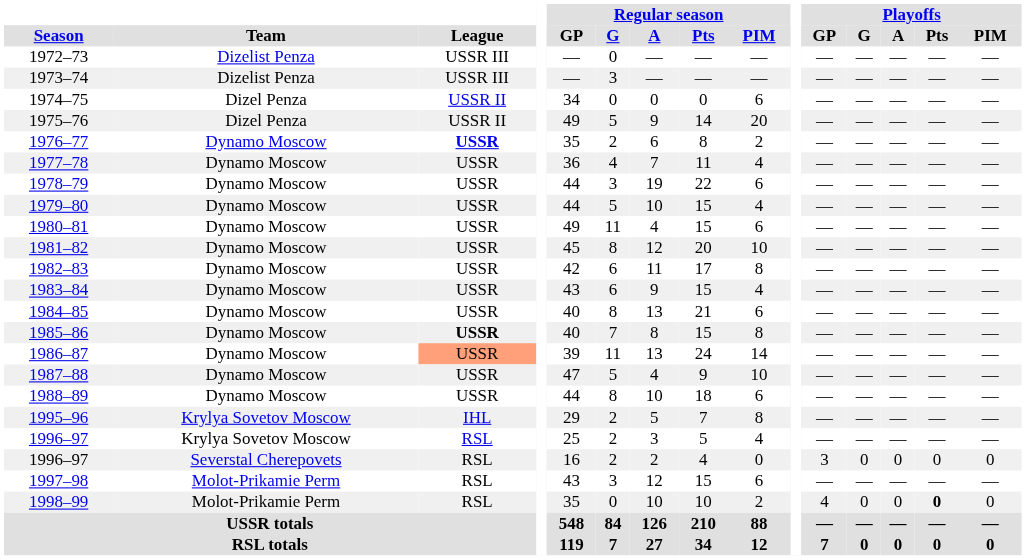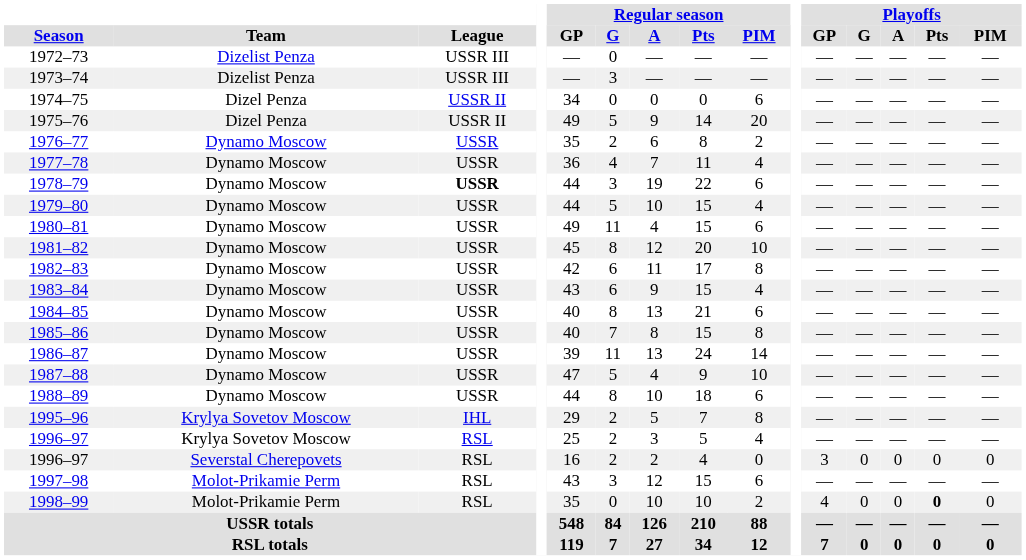 <table border="0" cellpadding="1" cellspacing="0" style="text-align:center; width:60em;">
 <tr style="background:#e0e0e0;">
 <th colspan="3"  bgcolor="#ffffff"> </th>
 <th rowspan="99" bgcolor="#ffffff"> </th>
 <th colspan="5"><a href='#'>Regular season</a></th>
 <th rowspan="99" bgcolor="#ffffff"> </th>
 <th colspan="5"><a href='#'>Playoffs</a></th>
 </tr>
 <tr style="background:#e0e0e0;">
 <th><a href='#'>Season</a></th>
 <th>Team</th>
 <th>League</th>
 <th>GP</th>
 <th><a href='#'>G</a></th>
 <th><a href='#'>A</a></th>
 <th><a href='#'>Pts</a></th>
 <th><a href='#'>PIM</a></th>
 <th>GP</th>
 <th>G</th>
 <th>A</th>
 <th>Pts</th>
 <th>PIM</th>
 </tr>
 <tr>
 <td>1972–73</td>
 <td><a href='#'>Dizelist Penza</a></td>
 <td>USSR III</td>
 <td>—</td>
 <td>0</td>
 <td>—</td>
 <td>—</td>
 <td>—</td>
 <td>—</td>
 <td>—</td>
 <td>—</td>
 <td>—</td>
 <td>—</td>
 </tr>
 <tr bgcolor="#f0f0f0">
 <td>1973–74</td>
 <td>Dizelist Penza</td>
 <td>USSR III</td>
 <td>—</td>
 <td>3</td>
 <td>—</td>
 <td>—</td>
 <td>—</td>
 <td>—</td>
 <td>—</td>
 <td>—</td>
 <td>—</td>
 <td>—</td>
 </tr>
 <tr>
 <td>1974–75</td>
 <td>Dizel Penza</td>
 <td><a href='#'>USSR II</a></td>
 <td>34</td>
 <td>0</td>
 <td>0</td>
 <td>0</td>
 <td>6</td>
 <td>—</td>
 <td>—</td>
 <td>—</td>
 <td>—</td>
 <td>—</td>
 </tr>
 <tr bgcolor="#f0f0f0">
 <td>1975–76</td>
 <td>Dizel Penza</td>
 <td>USSR II</td>
 <td>49</td>
 <td>5</td>
 <td>9</td>
 <td>14</td>
 <td>20</td>
 <td>—</td>
 <td>—</td>
 <td>—</td>
 <td>—</td>
 <td>—</td>
 </tr>
 <tr>
 <td><a href='#'>1976–77</a></td>
 <td><a href='#'>Dynamo Moscow</a></td>
-<td><strong><a href='#'>USSR</a></strong></td>
+<td><a href='#'>USSR</a></td>
 <td>35</td>
 <td>2</td>
 <td>6</td>
 <td>8</td>
 <td>2</td>
 <td>—</td>
 <td>—</td>
 <td>—</td>
 <td>—</td>
 <td>—</td>
 </tr>
 <tr bgcolor="#f0f0f0">
 <td><a href='#'>1977–78</a></td>
 <td>Dynamo Moscow</td>
 <td>USSR</td>
 <td>36</td>
 <td>4</td>
 <td>7</td>
 <td>11</td>
 <td>4</td>
 <td>—</td>
 <td>—</td>
 <td>—</td>
 <td>—</td>
 <td>—</td>
 </tr>
 <tr>
 <td><a href='#'>1978–79</a></td>
 <td>Dynamo Moscow</td>
-<td>USSR</td>
+<td><strong>USSR</strong></td>
 <td>44</td>
 <td>3</td>
 <td>19</td>
 <td>22</td>
 <td>6</td>
 <td>—</td>
 <td>—</td>
 <td>—</td>
 <td>—</td>
 <td>—</td>
 </tr>
 <tr bgcolor="#f0f0f0">
 <td><a href='#'>1979–80</a></td>
 <td>Dynamo Moscow</td>
 <td>USSR</td>
 <td>44</td>
 <td>5</td>
 <td>10</td>
 <td>15</td>
 <td>4</td>
 <td>—</td>
 <td>—</td>
 <td>—</td>
 <td>—</td>
 <td>—</td>
 </tr>
 <tr>
 <td><a href='#'>1980–81</a></td>
 <td>Dynamo Moscow</td>
 <td>USSR</td>
 <td>49</td>
 <td>11</td>
 <td>4</td>
 <td>15</td>
 <td>6</td>
 <td>—</td>
 <td>—</td>
 <td>—</td>
 <td>—</td>
 <td>—</td>
 </tr>
 <tr bgcolor="#f0f0f0">
 <td><a href='#'>1981–82</a></td>
 <td>Dynamo Moscow</td>
 <td>USSR</td>
 <td>45</td>
 <td>8</td>
 <td>12</td>
 <td>20</td>
 <td>10</td>
 <td>—</td>
 <td>—</td>
 <td>—</td>
 <td>—</td>
 <td>—</td>
 </tr>
 <tr>
 <td><a href='#'>1982–83</a></td>
 <td>Dynamo Moscow</td>
 <td>USSR</td>
 <td>42</td>
 <td>6</td>
 <td>11</td>
 <td>17</td>
 <td>8</td>
 <td>—</td>
 <td>—</td>
 <td>—</td>
 <td>—</td>
 <td>—</td>
 </tr>
 <tr bgcolor="#f0f0f0">
 <td><a href='#'>1983–84</a></td>
 <td>Dynamo Moscow</td>
 <td>USSR</td>
 <td>43</td>
 <td>6</td>
 <td>9</td>
 <td>15</td>
 <td>4</td>
 <td>—</td>
 <td>—</td>
 <td>—</td>
 <td>—</td>
 <td>—</td>
 </tr>
 <tr>
 <td><a href='#'>1984–85</a></td>
 <td>Dynamo Moscow</td>
 <td>USSR</td>
 <td>40</td>
 <td>8</td>
 <td>13</td>
 <td>21</td>
 <td>6</td>
 <td>—</td>
 <td>—</td>
 <td>—</td>
 <td>—</td>
 <td>—</td>
 </tr>
 <tr bgcolor="#f0f0f0">
 <td><a href='#'>1985–86</a></td>
 <td>Dynamo Moscow</td>
-<td><strong>USSR</strong></td>
+<td>USSR</td>
 <td>40</td>
 <td>7</td>
 <td>8</td>
 <td>15</td>
 <td>8</td>
 <td>—</td>
 <td>—</td>
 <td>—</td>
 <td>—</td>
 <td>—</td>
 </tr>
 <tr>
 <td><a href='#'>1986–87</a></td>
 <td>Dynamo Moscow</td>
-<td style="background: lightsalmon;">USSR</td>
+<td>USSR</td>
 <td>39</td>
 <td>11</td>
 <td>13</td>
 <td>24</td>
 <td>14</td>
 <td>—</td>
 <td>—</td>
 <td>—</td>
 <td>—</td>
 <td>—</td>
 </tr>
 <tr bgcolor="#f0f0f0">
 <td><a href='#'>1987–88</a></td>
 <td>Dynamo Moscow</td>
 <td>USSR</td>
 <td>47</td>
 <td>5</td>
 <td>4</td>
 <td>9</td>
 <td>10</td>
 <td>—</td>
 <td>—</td>
 <td>—</td>
 <td>—</td>
 <td>—</td>
 </tr>
 <tr>
 <td><a href='#'>1988–89</a></td>
 <td>Dynamo Moscow</td>
 <td>USSR</td>
 <td>44</td>
 <td>8</td>
 <td>10</td>
 <td>18</td>
 <td>6</td>
 <td>—</td>
 <td>—</td>
 <td>—</td>
 <td>—</td>
 <td>—</td>
 </tr>
 <tr bgcolor="#f0f0f0">
 <td><a href='#'>1995–96</a></td>
 <td><a href='#'>Krylya Sovetov Moscow</a></td>
 <td><a href='#'>IHL</a></td>
 <td>29</td>
 <td>2</td>
 <td>5</td>
 <td>7</td>
 <td>8</td>
 <td>—</td>
 <td>—</td>
 <td>—</td>
 <td>—</td>
 <td>—</td>
 </tr>
 <tr>
 <td><a href='#'>1996–97</a></td>
 <td>Krylya Sovetov Moscow</td>
 <td><a href='#'>RSL</a></td>
 <td>25</td>
 <td>2</td>
 <td>3</td>
 <td>5</td>
 <td>4</td>
 <td>—</td>
 <td>—</td>
 <td>—</td>
 <td>—</td>
 <td>—</td>
 </tr>
 <tr bgcolor="#f0f0f0">
 <td>1996–97</td>
 <td><a href='#'>Severstal Cherepovets</a></td>
 <td>RSL</td>
 <td>16</td>
 <td>2</td>
 <td>2</td>
 <td>4</td>
 <td>0</td>
 <td>3</td>
 <td>0</td>
 <td>0</td>
 <td>0</td>
 <td>0</td>
 </tr>
 <tr>
 <td><a href='#'>1997–98</a></td>
 <td><a href='#'>Molot-Prikamie Perm</a></td>
 <td>RSL</td>
 <td>43</td>
 <td>3</td>
 <td>12</td>
 <td>15</td>
 <td>6</td>
 <td>—</td>
 <td>—</td>
 <td>—</td>
 <td>—</td>
 <td>—</td>
 </tr>
 <tr bgcolor="#f0f0f0">
 <td><a href='#'>1998–99</a></td>
 <td>Molot-Prikamie Perm</td>
 <td>RSL</td>
 <td>35</td>
 <td>0</td>
 <td>10</td>
 <td>10</td>
 <td>2</td>
 <td>4</td>
 <td>0</td>
 <td>0</td>
 <td><strong>0</strong></td>
 <td>0</td>
 </tr>
 <tr bgcolor="#e0e0e0">
 <th colspan="3">USSR totals</th>
 <th>548</th>
 <th>84</th>
 <th>126</th>
 <th>210</th>
 <th>88</th>
 <th>—</th>
 <th>—</th>
 <th>—</th>
 <th>—</th>
 <th>—</th>
 </tr>
 <tr bgcolor="#e0e0e0">
 <th colspan="3">RSL totals</th>
 <th>119</th>
 <th>7</th>
 <th>27</th>
 <th>34</th>
 <th>12</th>
 <th>7</th>
 <th>0</th>
 <th>0</th>
 <th>0</th>
 <th>0</th>
 </tr>
 </table>
